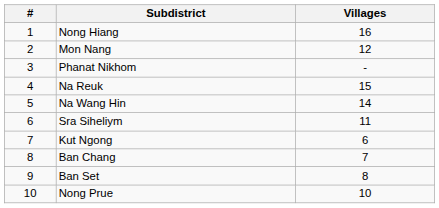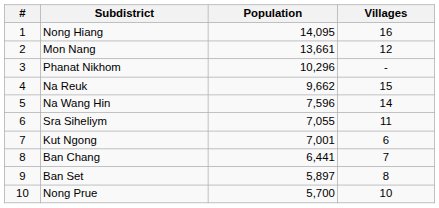 <table class="wikitable" style="width:48%; display:inline-table;">
 <tr>
 <th>#</th>
 <th>Subdistrict</th>
+<th>Population</th>
 <th>Villages</th>
 </tr>
 <tr>
 <td style="text-align:center;">1</td>
 <td>Nong Hiang</td>
+<td style="text-align:right;">14,095</td>
 <td style="text-align:center;">16</td>
 </tr>
 <tr>
 <td style="text-align:center;">2</td>
 <td>Mon Nang</td>
+<td style="text-align:right;">13,661</td>
 <td style="text-align:center;">12</td>
 </tr>
 <tr>
 <td style="text-align:center;">3</td>
 <td>Phanat Nikhom</td>
+<td style="text-align:right;">10,296</td>
 <td style="text-align:center;">-</td>
 </tr>
 <tr>
 <td style="text-align:center;">4</td>
 <td>Na Reuk</td>
+<td style="text-align:right;">9,662</td>
 <td style="text-align:center;">15</td>
 </tr>
 <tr>
 <td style="text-align:center;">5</td>
 <td>Na Wang Hin</td>
+<td style="text-align:right;">7,596</td>
 <td style="text-align:center;">14</td>
 </tr>
 <tr>
 <td style="text-align:center;">6</td>
 <td>Sra Siheliym</td>
+<td style="text-align:right;">7,055</td>
 <td style="text-align:center;">11</td>
 </tr>
 <tr>
 <td style="text-align:center;">7</td>
 <td>Kut Ngong</td>
+<td style="text-align:right;">7,001</td>
 <td style="text-align:center;">6</td>
 </tr>
 <tr>
 <td style="text-align:center;">8</td>
 <td>Ban Chang</td>
+<td style="text-align:right;">6,441</td>
 <td style="text-align:center;">7</td>
 </tr>
 <tr>
 <td style="text-align:center;">9</td>
 <td>Ban Set</td>
+<td style="text-align:right;">5,897</td>
 <td style="text-align:center;">8</td>
 </tr>
 <tr>
 <td style="text-align:center;">10</td>
 <td>Nong Prue</td>
+<td style="text-align:right;">5,700</td>
 <td style="text-align:center;">10</td>
 </tr>
 </table>
